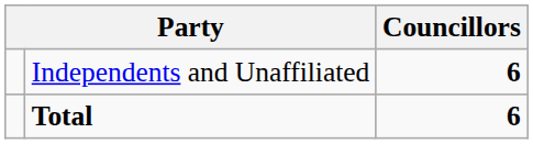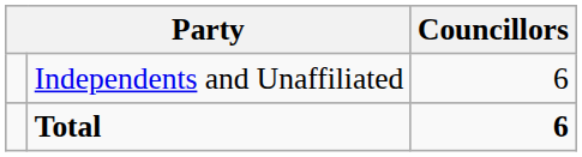 <table class="wikitable">
 <tr>
 <th colspan="2">Party</th>
 <th>Councillors</th>
 </tr>
 <tr>
 <td> </td>
 <td><a href='#'>Independents</a> and Unaffiliated</td>
-<td align=right><strong>6</strong></td>
+<td align=right>6</td>
 </tr>
 <tr>
 <td></td>
 <td><strong>Total</strong></td>
 <td align=right><strong>6</strong></td>
 </tr>
 </table>
